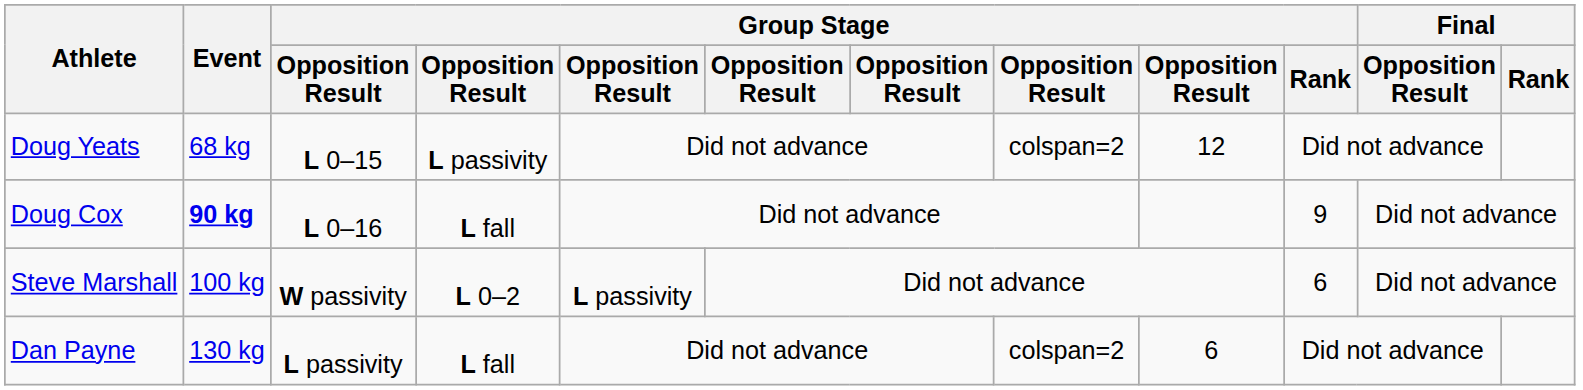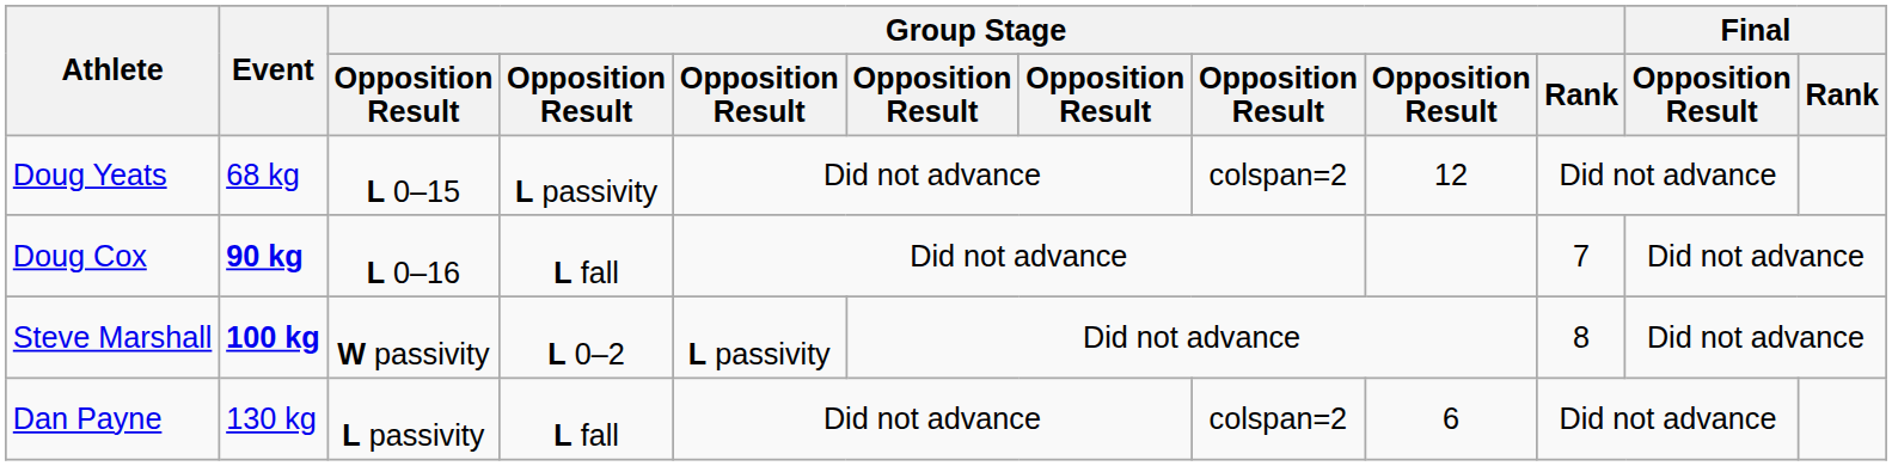 <table class=wikitable style="font-size:90%">
 <tr>
 <th rowspan="2">Athlete</th>
 <th rowspan="2">Event</th>
 <th colspan="8">Group Stage</th>
 <th colspan=2>Final</th>
 </tr>
 <tr>
 <th>Opposition<br>Result</th>
 <th>Opposition<br>Result</th>
 <th>Opposition<br>Result</th>
 <th>Opposition<br>Result</th>
 <th>Opposition<br>Result</th>
 <th>Opposition<br>Result</th>
 <th>Opposition<br>Result</th>
 <th>Rank</th>
 <th>Opposition<br>Result</th>
 <th>Rank</th>
 </tr>
 <tr align=center>
 <td align=left><a href='#'>Doug Yeats</a></td>
 <td align=left><a href='#'>68 kg</a></td>
 <td><br><strong>L</strong> 0–15</td>
 <td><br><strong>L</strong> passivity</td>
 <td colspan=3>Did not advance</td>
 <td>colspan=2</td>
 <td>12</td>
 <td colspan=2>Did not advance</td>
 </tr>
 <tr align=center>
 <td align=left><a href='#'>Doug Cox</a></td>
 <td align=left><strong><a href='#'>90 kg</a></strong></td>
 <td><br><strong>L</strong> 0–16</td>
 <td><br><strong>L</strong> fall</td>
 <td colspan=4>Did not advance</td>
 <td></td>
-<td>9</td>
+<td>7</td>
 <td colspan=2>Did not advance</td>
 </tr>
 <tr align=center>
 <td align=left><a href='#'>Steve Marshall</a></td>
-<td align=left><a href='#'>100 kg</a></td>
+<td align=left><strong><a href='#'>100 kg</a></strong></td>
 <td><br><strong>W</strong> passivity</td>
 <td><br><strong>L</strong> 0–2</td>
 <td><br><strong>L</strong> passivity</td>
 <td colspan=4>Did not advance</td>
-<td>6</td>
+<td>8</td>
 <td colspan=2>Did not advance</td>
 </tr>
 <tr align=center>
 <td align=left><a href='#'>Dan Payne</a></td>
 <td align=left><a href='#'>130 kg</a></td>
 <td><br><strong>L</strong> passivity</td>
 <td><br><strong>L</strong> fall</td>
 <td colspan=3>Did not advance</td>
 <td>colspan=2</td>
 <td>6</td>
 <td colspan=2>Did not advance</td>
 </tr>
 </table>
